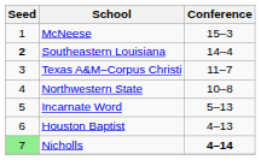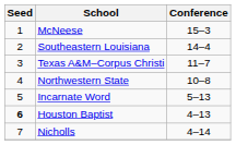 <table class="wikitable" style="text-align:center">
 <tr>
 <th>Seed</th>
 <th>School</th>
 <th>Conference</th>
 </tr>
 <tr>
 <td>1</td>
 <td align="left"><a href='#'>McNeese</a></td>
 <td>15–3</td>
 </tr>
 <tr>
-<td><strong>2</strong></td>
+<td>2</td>
 <td align="left"><a href='#'>Southeastern Louisiana</a></td>
 <td>14–4</td>
 </tr>
 <tr>
 <td>3</td>
 <td align="left"><a href='#'>Texas A&M–Corpus Christi</a></td>
 <td>11–7</td>
 </tr>
 <tr>
 <td>4</td>
 <td align="left"><a href='#'>Northwestern State</a></td>
 <td>10–8</td>
 </tr>
 <tr>
 <td>5</td>
 <td align="left"><a href='#'>Incarnate Word</a></td>
 <td>5–13</td>
 </tr>
 <tr>
-<td>6</td>
+<td><strong>6</strong></td>
 <td align="left"><a href='#'>Houston Baptist</a></td>
 <td>4–13</td>
 </tr>
 <tr>
-<td style="background: lightgreen;">7</td>
+<td>7</td>
 <td align="left"><a href='#'>Nicholls</a></td>
-<td><strong>4–14</strong></td>
+<td>4–14</td>
 </tr>
 <tr>
 </tr>
 </table>
